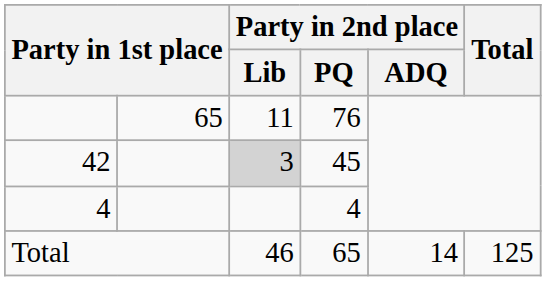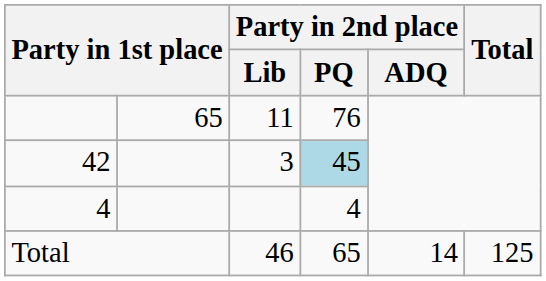 <table class="wikitable" style="text-align:right;">
 <tr>
 <th rowspan="2" colspan="2" style="text-align:left;">Party in 1st place</th>
 <th colspan="3">Party in 2nd place</th>
 <th rowspan="2">Total</th>
 </tr>
 <tr>
 <th>Lib</th>
 <th>PQ</th>
 <th>ADQ</th>
 </tr>
 <tr>
 <td></td>
 <td>65</td>
 <td>11</td>
 <td>76</td>
 </tr>
 <tr>
 <td>42</td>
 <td></td>
-<td style="background: lightgrey;">3</td>
-<td>45</td>
+<td>3</td>
+<td style="background: lightblue;">45</td>
 </tr>
 <tr>
 <td>4</td>
 <td></td>
 <td></td>
 <td>4</td>
 </tr>
 <tr>
 <td colspan="2" style="text-align:left;">Total</td>
 <td>46</td>
 <td>65</td>
 <td>14</td>
 <td>125</td>
 </tr>
 </table>
